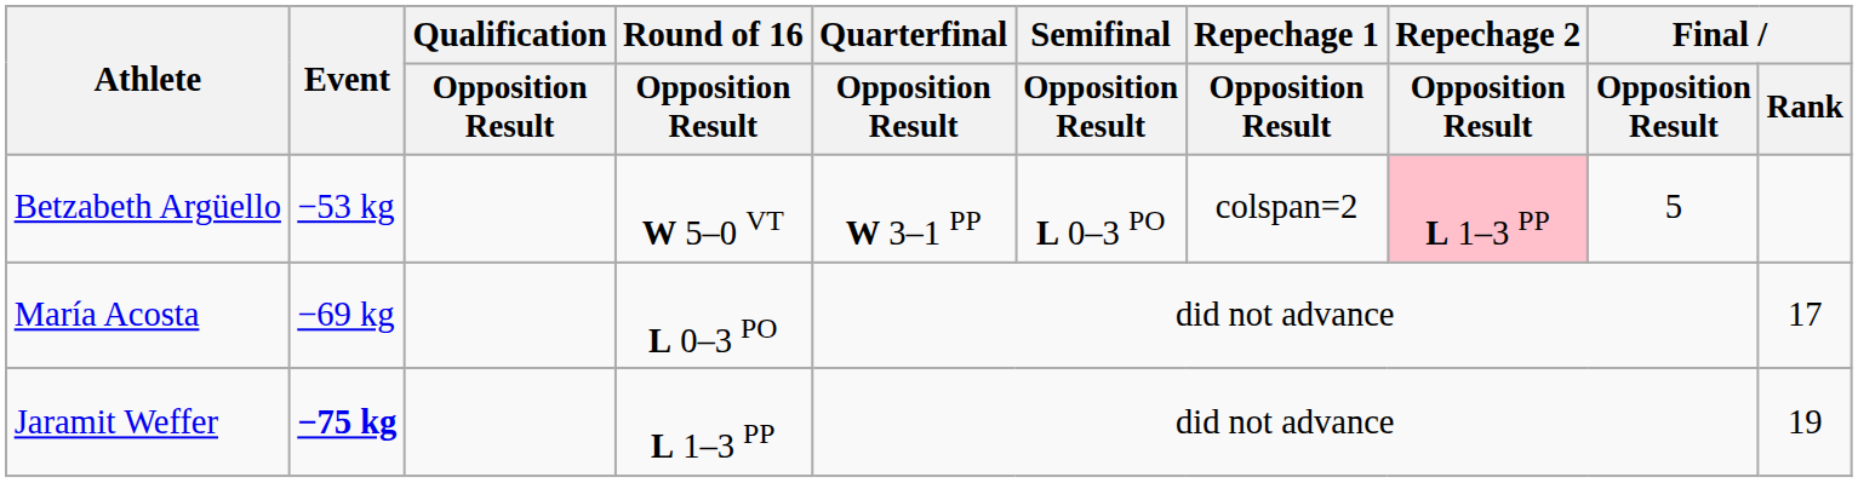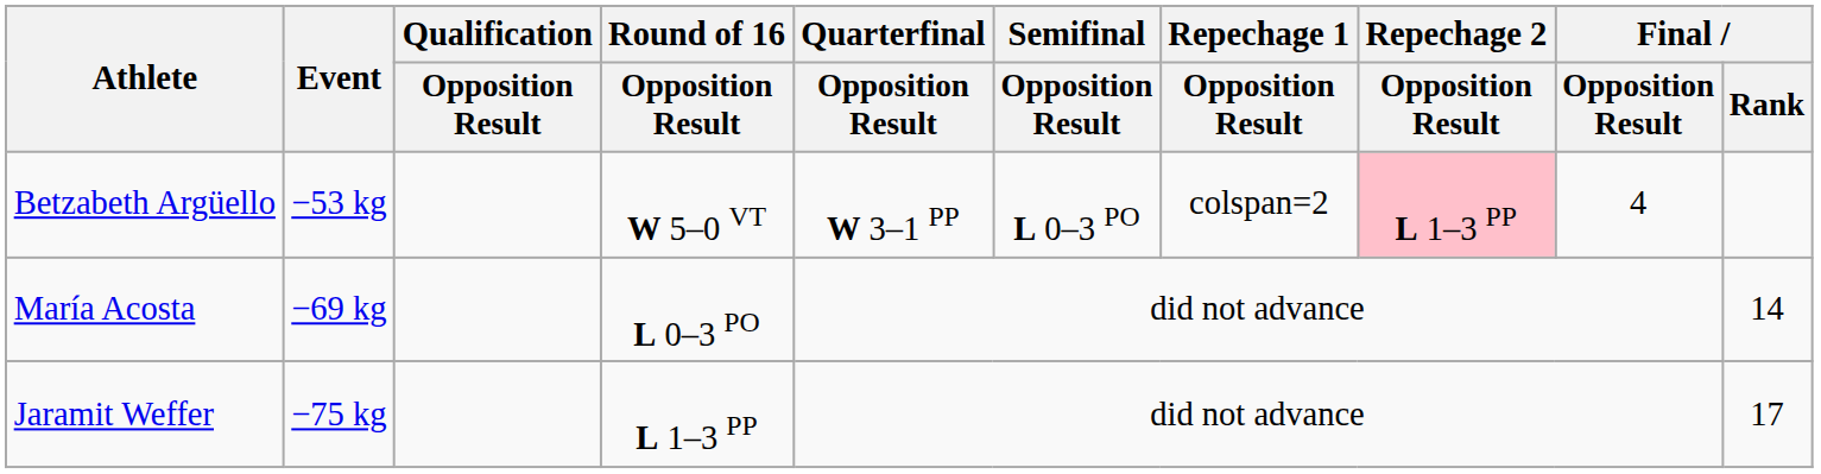 <table class="wikitable" style="font-size:90%">
 <tr>
 <th rowspan=2>Athlete</th>
 <th rowspan=2>Event</th>
 <th>Qualification</th>
 <th>Round of 16</th>
 <th>Quarterfinal</th>
 <th>Semifinal</th>
 <th>Repechage 1</th>
 <th>Repechage 2</th>
 <th colspan=2>Final / </th>
 </tr>
 <tr style="font-size: 95%">
 <th>Opposition<br>Result</th>
 <th>Opposition<br>Result</th>
 <th>Opposition<br>Result</th>
 <th>Opposition<br>Result</th>
 <th>Opposition<br>Result</th>
 <th>Opposition<br>Result</th>
 <th>Opposition<br>Result</th>
 <th>Rank</th>
 </tr>
 <tr align=center>
 <td align=left><a href='#'>Betzabeth Argüello</a></td>
 <td align=left><a href='#'>−53 kg</a></td>
 <td></td>
 <td><br><strong>W</strong> 5–0 <sup>VT</sup></td>
 <td><br><strong>W</strong> 3–1 <sup>PP</sup></td>
 <td><br><strong>L</strong> 0–3 <sup>PO</sup></td>
 <td>colspan=2 </td>
 <td style="background: pink;"><br><strong>L</strong> 1–3 <sup>PP</sup></td>
-<td>5</td>
+<td>4</td>
 </tr>
 <tr align=center>
 <td align=left><a href='#'>María Acosta</a></td>
 <td align=left><a href='#'>−69 kg</a></td>
 <td></td>
 <td><br><strong>L</strong> 0–3 <sup>PO</sup></td>
 <td colspan=5>did not advance</td>
-<td>17</td>
+<td>14</td>
 </tr>
 <tr align=center>
 <td align=left><a href='#'>Jaramit Weffer</a></td>
-<td align=left><strong><a href='#'>−75 kg</a></strong></td>
+<td align=left><a href='#'>−75 kg</a></td>
 <td></td>
 <td><br><strong>L</strong> 1–3 <sup>PP</sup></td>
 <td colspan=5>did not advance</td>
-<td>19</td>
+<td>17</td>
 </tr>
 </table>
